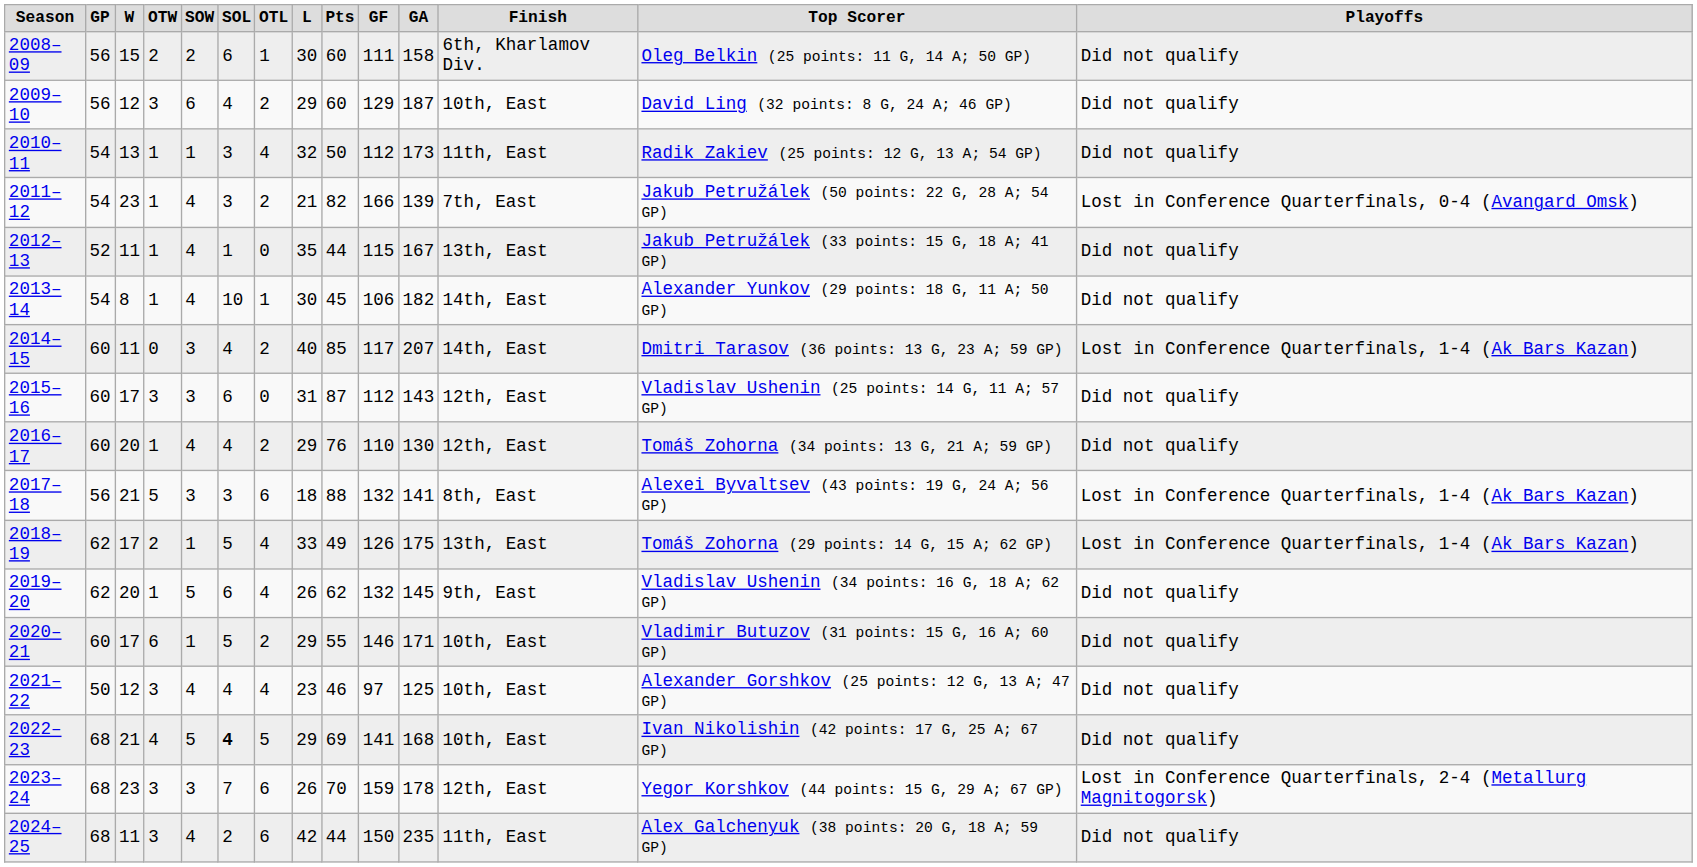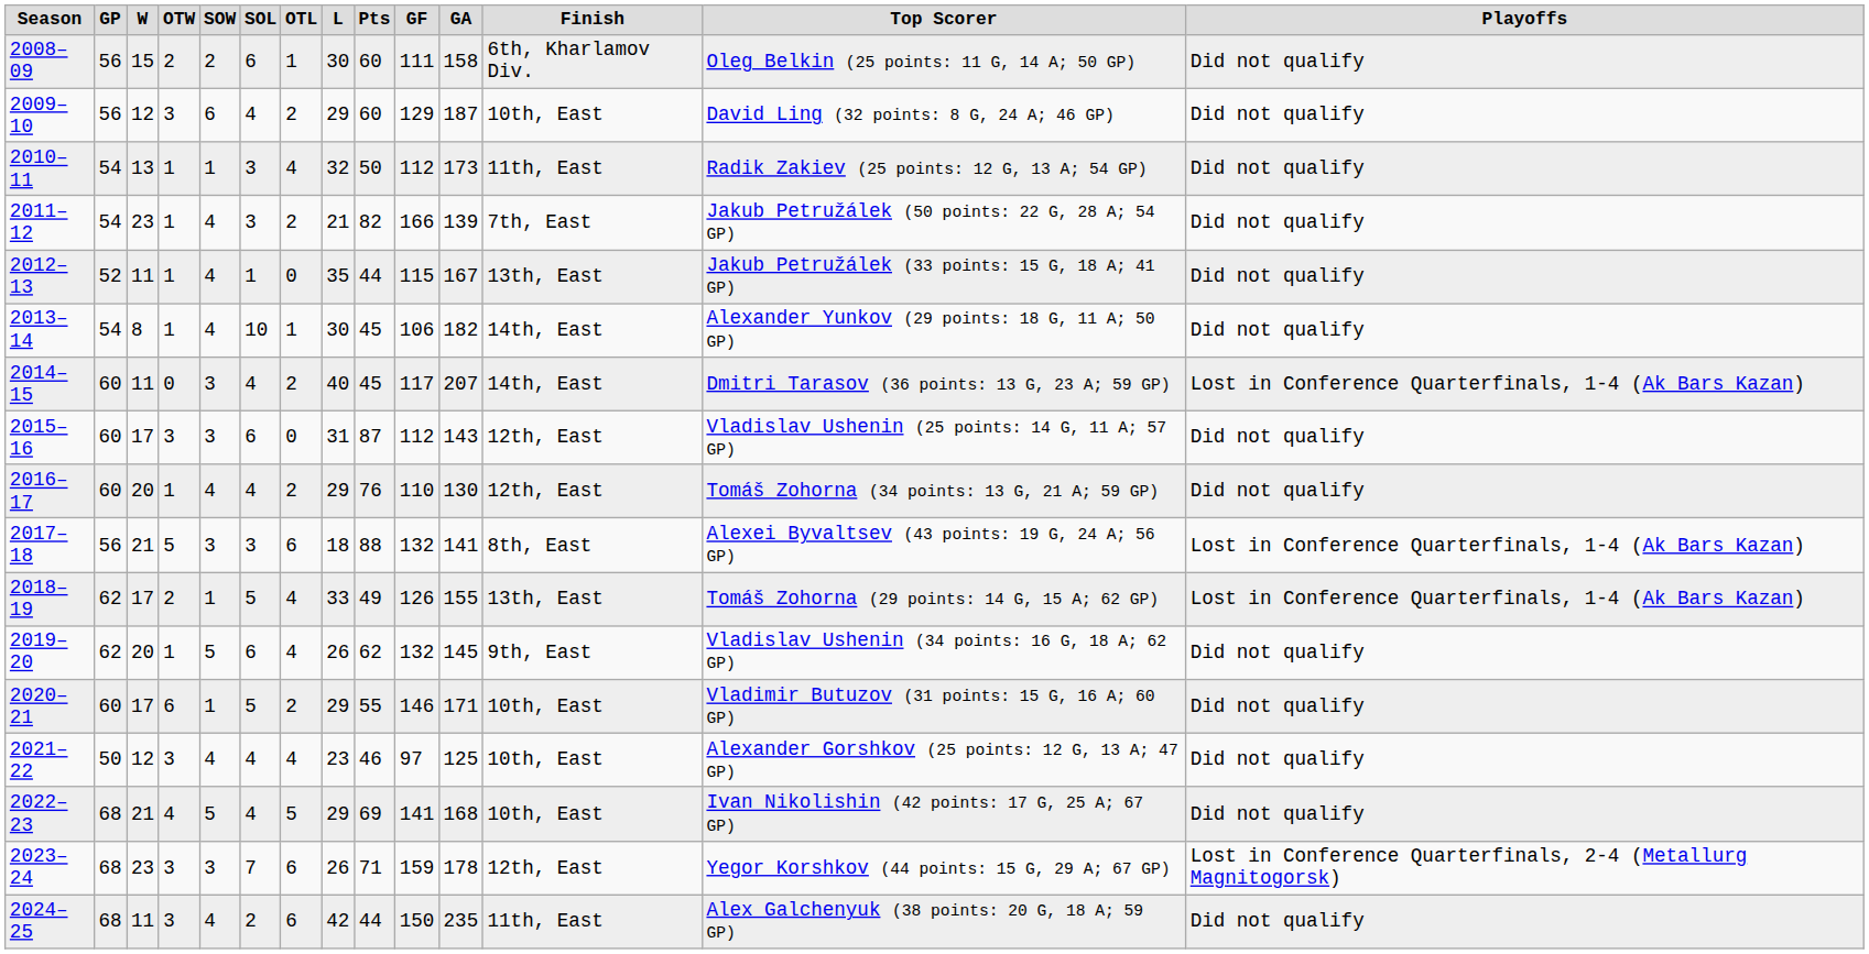 <table class="wikitable">
 <tr style="text-align:center; font-size:small; background:#ddd; padding:5px;"|>
 <td><strong>Season</strong></td>
 <td><strong>GP</strong></td>
 <td><strong>W</strong></td>
 <td><strong>OTW</strong></td>
 <td><strong>SOW</strong></td>
 <td><strong>SOL</strong></td>
 <td><strong>OTL</strong></td>
 <td><strong>L</strong></td>
 <td><strong>Pts</strong></td>
 <td><strong>GF</strong></td>
 <td><strong>GA</strong></td>
 <td><strong>Finish</strong></td>
 <td><strong>Top Scorer</strong></td>
 <td><strong>Playoffs</strong></td>
 </tr>
 <tr style="background:#eee;">
 <td><a href='#'>2008–09</a></td>
 <td>56</td>
 <td>15</td>
 <td>2</td>
 <td>2</td>
 <td>6</td>
 <td>1</td>
 <td>30</td>
 <td>60</td>
 <td>111</td>
 <td>158</td>
 <td>6th, Kharlamov Div.</td>
 <td><a href='#'>Oleg Belkin</a> <small>(25 points: 11 G, 14 A; 50 GP)</small></td>
 <td>Did not qualify</td>
 </tr>
 <tr>
 <td><a href='#'>2009–10</a></td>
 <td>56</td>
 <td>12</td>
 <td>3</td>
 <td>6</td>
 <td>4</td>
 <td>2</td>
 <td>29</td>
 <td>60</td>
 <td>129</td>
 <td>187</td>
 <td>10th, East</td>
 <td><a href='#'>David Ling</a> <small>(32 points: 8 G, 24 A; 46 GP)</small></td>
 <td>Did not qualify</td>
 </tr>
 <tr style="background:#eee;">
 <td><a href='#'>2010–11</a></td>
 <td>54</td>
 <td>13</td>
 <td>1</td>
 <td>1</td>
 <td>3</td>
 <td>4</td>
 <td>32</td>
 <td>50</td>
 <td>112</td>
 <td>173</td>
 <td>11th, East</td>
 <td><a href='#'>Radik Zakiev</a> <small>(25 points: 12 G, 13 A; 54 GP)</small></td>
 <td>Did not qualify</td>
 </tr>
 <tr>
 <td><a href='#'>2011–12</a></td>
 <td>54</td>
 <td>23</td>
 <td>1</td>
 <td>4</td>
 <td>3</td>
 <td>2</td>
 <td>21</td>
 <td>82</td>
 <td>166</td>
 <td>139</td>
 <td>7th, East</td>
 <td><a href='#'>Jakub Petružálek</a> <small>(50 points: 22 G, 28 A; 54 GP)</small></td>
-<td>Lost in Conference Quarterfinals, 0-4 (<a href='#'>Avangard Omsk</a>)</td>
+<td>Did not qualify</td>
 </tr>
 <tr style="background:#eee;">
 <td><a href='#'>2012–13</a></td>
 <td>52</td>
 <td>11</td>
 <td>1</td>
 <td>4</td>
 <td>1</td>
 <td>0</td>
 <td>35</td>
 <td>44</td>
 <td>115</td>
 <td>167</td>
 <td>13th, East</td>
 <td><a href='#'>Jakub Petružálek</a> <small>(33 points: 15 G, 18 A; 41 GP)</small></td>
 <td>Did not qualify</td>
 </tr>
 <tr>
 <td><a href='#'>2013–14</a></td>
 <td>54</td>
 <td>8</td>
 <td>1</td>
 <td>4</td>
 <td>10</td>
 <td>1</td>
 <td>30</td>
 <td>45</td>
 <td>106</td>
 <td>182</td>
 <td>14th, East</td>
 <td><a href='#'>Alexander Yunkov</a> <small>(29 points: 18 G, 11 A; 50 GP)</small></td>
 <td>Did not qualify</td>
 </tr>
 <tr style="background:#eee;">
 <td><a href='#'>2014–15</a></td>
 <td>60</td>
 <td>11</td>
 <td>0</td>
 <td>3</td>
 <td>4</td>
 <td>2</td>
 <td>40</td>
-<td>85</td>
+<td>45</td>
 <td>117</td>
 <td>207</td>
 <td>14th, East</td>
 <td><a href='#'>Dmitri Tarasov</a> <small>(36 points: 13 G, 23 A; 59 GP)</small></td>
 <td>Lost in Conference Quarterfinals, 1-4 (<a href='#'>Ak Bars Kazan</a>)</td>
 </tr>
 <tr>
 <td><a href='#'>2015–16</a></td>
 <td>60</td>
 <td>17</td>
 <td>3</td>
 <td>3</td>
 <td>6</td>
 <td>0</td>
 <td>31</td>
 <td>87</td>
 <td>112</td>
 <td>143</td>
 <td>12th, East</td>
 <td><a href='#'>Vladislav Ushenin</a> <small>(25 points: 14 G, 11 A; 57 GP)</small></td>
 <td>Did not qualify</td>
 </tr>
 <tr style="background:#eee;">
 <td><a href='#'>2016–17</a></td>
 <td>60</td>
 <td>20</td>
 <td>1</td>
 <td>4</td>
 <td>4</td>
 <td>2</td>
 <td>29</td>
 <td>76</td>
 <td>110</td>
 <td>130</td>
 <td>12th, East</td>
 <td><a href='#'>Tomáš Zohorna</a> <small>(34 points: 13 G, 21 A; 59 GP)</small></td>
 <td>Did not qualify</td>
 </tr>
 <tr>
 <td><a href='#'>2017–18</a></td>
 <td>56</td>
 <td>21</td>
 <td>5</td>
 <td>3</td>
 <td>3</td>
 <td>6</td>
 <td>18</td>
 <td>88</td>
 <td>132</td>
 <td>141</td>
 <td>8th, East</td>
 <td><a href='#'>Alexei Byvaltsev</a> <small>(43 points: 19 G, 24 A; 56 GP)</small></td>
 <td>Lost in Conference Quarterfinals, 1-4 (<a href='#'>Ak Bars Kazan</a>)</td>
 </tr>
 <tr style="background:#eee;">
 <td><a href='#'>2018–19</a></td>
 <td>62</td>
 <td>17</td>
 <td>2</td>
 <td>1</td>
 <td>5</td>
 <td>4</td>
 <td>33</td>
 <td>49</td>
 <td>126</td>
-<td>175</td>
+<td>155</td>
 <td>13th, East</td>
 <td><a href='#'>Tomáš Zohorna</a> <small>(29 points: 14 G, 15 A; 62 GP)</small></td>
 <td>Lost in Conference Quarterfinals, 1-4 (<a href='#'>Ak Bars Kazan</a>)</td>
 </tr>
 <tr>
 <td><a href='#'>2019–20</a></td>
 <td>62</td>
 <td>20</td>
 <td>1</td>
 <td>5</td>
 <td>6</td>
 <td>4</td>
 <td>26</td>
 <td>62</td>
 <td>132</td>
 <td>145</td>
 <td>9th, East</td>
 <td><a href='#'>Vladislav Ushenin</a> <small>(34 points: 16 G, 18 A; 62 GP)</small></td>
 <td>Did not qualify</td>
 </tr>
 <tr style="background:#eee;">
 <td><a href='#'>2020–21</a></td>
 <td>60</td>
 <td>17</td>
 <td>6</td>
 <td>1</td>
 <td>5</td>
 <td>2</td>
 <td>29</td>
 <td>55</td>
 <td>146</td>
 <td>171</td>
 <td>10th, East</td>
 <td><a href='#'>Vladimir Butuzov</a> <small>(31 points: 15 G, 16 A; 60 GP)</small></td>
 <td>Did not qualify</td>
 </tr>
 <tr>
 <td><a href='#'>2021–22</a></td>
 <td>50</td>
 <td>12</td>
 <td>3</td>
 <td>4</td>
 <td>4</td>
 <td>4</td>
 <td>23</td>
 <td>46</td>
 <td>97</td>
 <td>125</td>
 <td>10th, East</td>
 <td><a href='#'>Alexander Gorshkov</a> <small>(25 points: 12 G, 13 A; 47 GP)</small></td>
 <td>Did not qualify</td>
 </tr>
 <tr style="background:#eee;">
 <td><a href='#'>2022–23</a></td>
 <td>68</td>
 <td>21</td>
 <td>4</td>
 <td>5</td>
-<td><strong>4</strong></td>
+<td>4</td>
 <td>5</td>
 <td>29</td>
 <td>69</td>
 <td>141</td>
 <td>168</td>
 <td>10th, East</td>
 <td><a href='#'>Ivan Nikolishin</a> <small>(42 points: 17 G, 25 A; 67 GP)</small></td>
 <td>Did not qualify</td>
 </tr>
 <tr>
 <td><a href='#'>2023–24</a></td>
 <td>68</td>
 <td>23</td>
 <td>3</td>
 <td>3</td>
 <td>7</td>
 <td>6</td>
 <td>26</td>
-<td>70</td>
+<td>71</td>
 <td>159</td>
 <td>178</td>
 <td>12th, East</td>
 <td><a href='#'>Yegor Korshkov</a> <small>(44 points: 15 G, 29 A; 67 GP)</small></td>
 <td>Lost in Conference Quarterfinals, 2-4 (<a href='#'>Metallurg Magnitogorsk</a>)</td>
 </tr>
 <tr style="background:#eee;">
 <td><a href='#'>2024–25</a></td>
 <td>68</td>
 <td>11</td>
 <td>3</td>
 <td>4</td>
 <td>2</td>
 <td>6</td>
 <td>42</td>
 <td>44</td>
 <td>150</td>
 <td>235</td>
 <td>11th, East</td>
 <td><a href='#'>Alex Galchenyuk</a> <small>(38 points: 20 G, 18 A; 59 GP)</small></td>
 <td>Did not qualify</td>
 </tr>
 </table>
